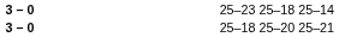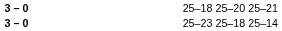 <table>
 <tr>
 <th width=200></th>
 <th width=80></th>
 <th width=200></th>
 <th width=220></th>
 </tr>
 <tr>
 <td align=right><strong></strong></td>
 <td align=center><strong>3 – 0</strong></td>
 <td></td>
-<td>25–23 25–18 25–14</td>
+<td>25–18 25–20 25–21</td>
 </tr>
 <tr>
 <td align=right><strong></strong></td>
 <td align=center><strong>3 – 0</strong></td>
 <td></td>
-<td>25–18 25–20 25–21</td>
+<td>25–23 25–18 25–14</td>
 </tr>
 </table>
